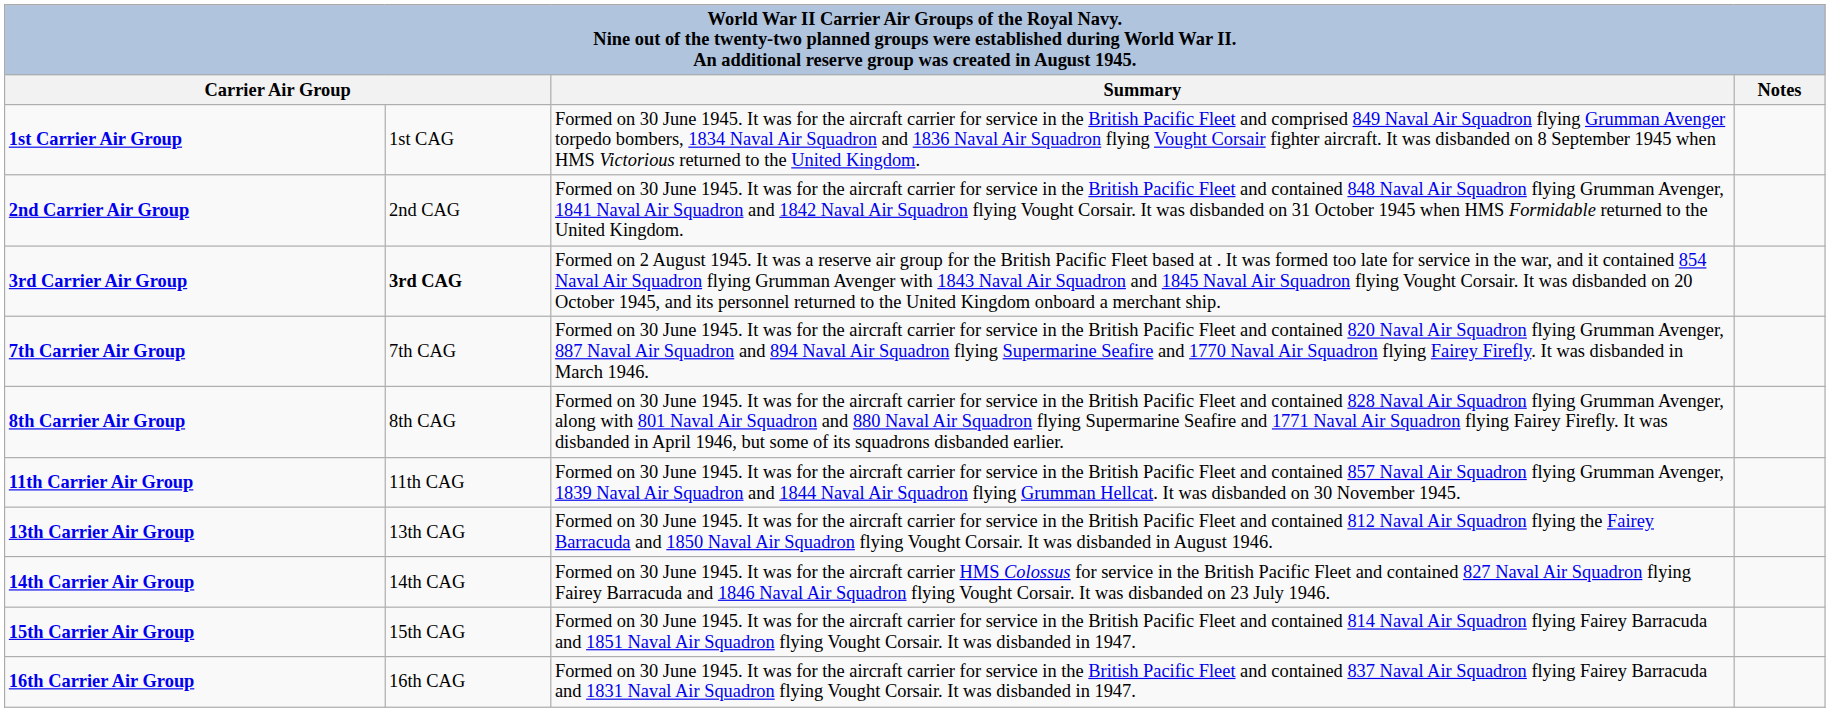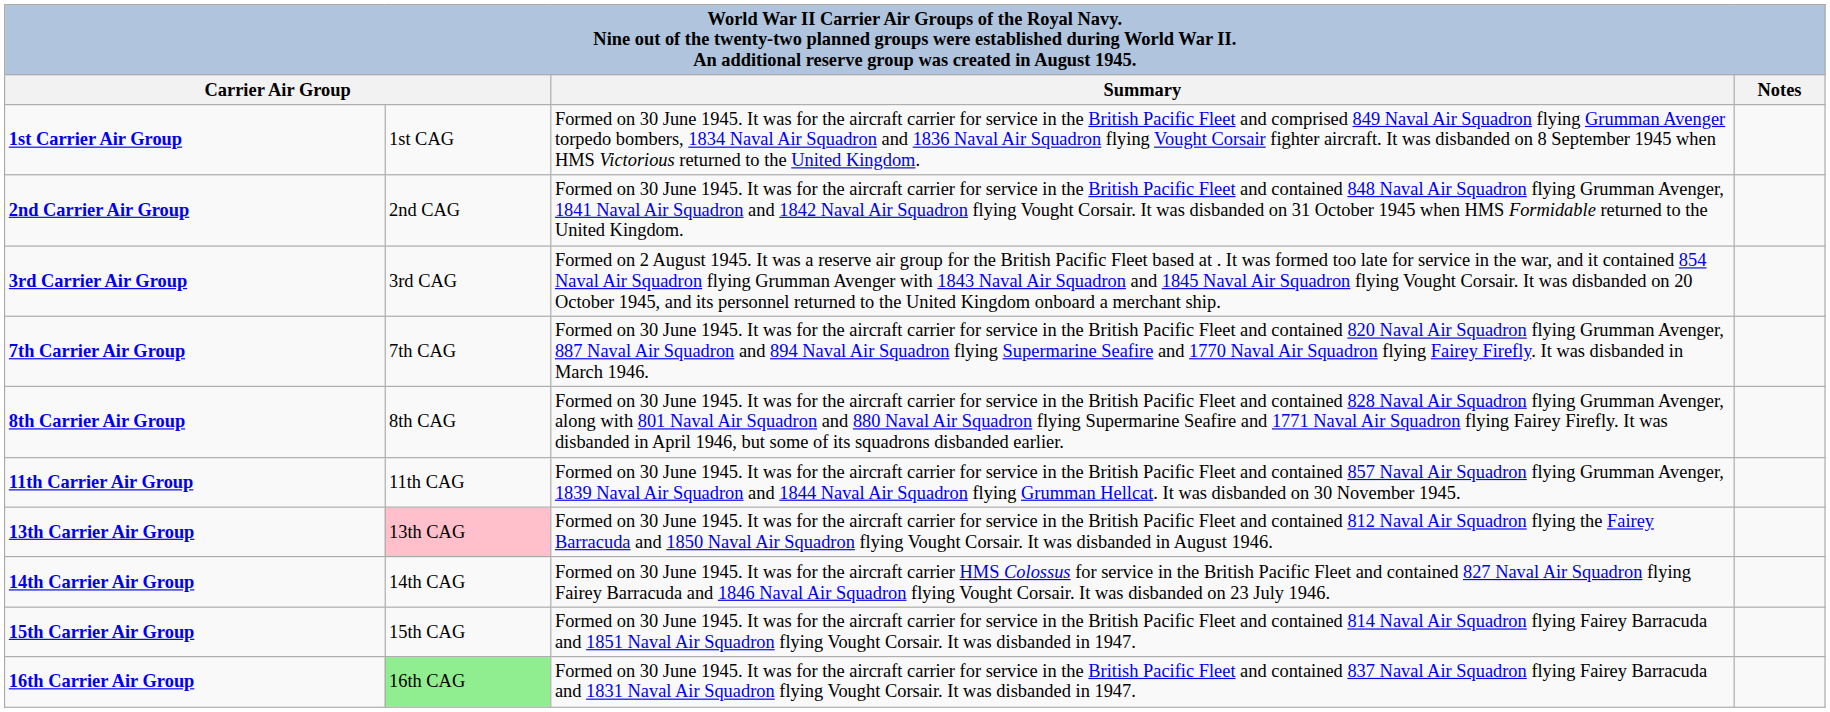 <table class="wikitable" style="margin:auto; width:100%;">
 <tr>
 <th style="align: center; background:#B0C4DE;" colspan=5>World War II Carrier Air Groups of the Royal Navy.<br> Nine out of the twenty-two planned groups were established during World War II.<br> An additional reserve group was created in August 1945.</th>
 </tr>
 <tr>
 <th style="text-align:center; width:30%;" colspan=2>Carrier Air Group</th>
 <th style="text-align:center; width:65%;">Summary</th>
 <th style="text-align:center; width:5%;">Notes</th>
 </tr>
 <tr>
 <td style="text-align:centre;"><strong><a href='#'>1st Carrier Air Group</a></strong></td>
 <td>1st CAG</td>
 <td align=left>Formed on 30 June 1945. It was for the aircraft carrier  for service in the <a href='#'>British Pacific Fleet</a> and comprised <a href='#'>849 Naval Air Squadron</a> flying <a href='#'>Grumman Avenger</a> torpedo bombers, <a href='#'>1834 Naval Air Squadron</a> and <a href='#'>1836 Naval Air Squadron</a> flying <a href='#'>Vought Corsair</a> fighter aircraft. It was disbanded on 8 September 1945 when HMS <em>Victorious</em> returned to the <a href='#'>United Kingdom</a>.</td>
 <td></td>
 </tr>
 <tr>
 <td style="text-align:centre;"><strong><a href='#'>2nd Carrier Air Group</a></strong></td>
 <td>2nd CAG</td>
 <td align=left>Formed on 30 June 1945. It was for the aircraft carrier  for service in the <a href='#'>British Pacific Fleet</a> and contained <a href='#'>848 Naval Air Squadron</a> flying Grumman Avenger, <a href='#'>1841 Naval Air Squadron</a> and <a href='#'>1842 Naval Air Squadron</a> flying Vought Corsair. It was disbanded on 31 October 1945 when HMS <em>Formidable</em> returned to the United Kingdom.</td>
 <td></td>
 </tr>
 <tr>
 <td style="text-align:centre;"><strong><a href='#'>3rd Carrier Air Group</a></strong></td>
-<td><strong>3rd CAG</strong></td>
+<td>3rd CAG</td>
 <td align=left>Formed on 2 August 1945. It was a reserve air group for the British Pacific Fleet based at . It was formed too late for service in the war, and it contained <a href='#'>854 Naval Air Squadron</a> flying Grumman Avenger with <a href='#'>1843 Naval Air Squadron</a> and <a href='#'>1845 Naval Air Squadron</a> flying Vought Corsair. It was disbanded on 20 October 1945, and its personnel returned to the United Kingdom onboard a merchant ship.</td>
 <td></td>
 </tr>
 <tr>
 <td style="text-align:centre;"><strong><a href='#'>7th Carrier Air Group</a></strong></td>
 <td>7th CAG</td>
 <td align=left>Formed on 30 June 1945. It was for the aircraft carrier  for service in the British Pacific Fleet and contained <a href='#'>820 Naval Air Squadron</a> flying Grumman Avenger, <a href='#'>887 Naval Air Squadron</a> and <a href='#'>894 Naval Air Squadron</a> flying <a href='#'>Supermarine Seafire</a> and <a href='#'>1770 Naval Air Squadron</a> flying <a href='#'>Fairey Firefly</a>. It was disbanded in March 1946.</td>
 <td></td>
 </tr>
 <tr>
 <td style="text-align:centre;"><strong><a href='#'>8th Carrier Air Group</a></strong></td>
 <td>8th CAG</td>
 <td align=left>Formed on 30 June 1945. It was for the aircraft carrier  for service in the British Pacific Fleet and contained <a href='#'>828 Naval Air Squadron</a> flying Grumman Avenger, along with <a href='#'>801 Naval Air Squadron</a> and <a href='#'>880 Naval Air Squadron</a> flying Supermarine Seafire and <a href='#'>1771 Naval Air Squadron</a> flying Fairey Firefly. It was disbanded in April 1946, but some of its squadrons disbanded earlier.</td>
 <td></td>
 </tr>
 <tr>
 <td style="text-align:centre;"><strong><a href='#'>11th Carrier Air Group</a></strong></td>
 <td>11th CAG</td>
 <td align=left>Formed on 30 June 1945. It was for the aircraft carrier  for service in the British Pacific Fleet and contained <a href='#'>857 Naval Air Squadron</a> flying Grumman Avenger, <a href='#'>1839 Naval Air Squadron</a> and <a href='#'>1844 Naval Air Squadron</a> flying <a href='#'>Grumman Hellcat</a>. It was disbanded on 30 November 1945.</td>
 <td></td>
 </tr>
 <tr>
 <td style="text-align:centre;"><strong><a href='#'>13th Carrier Air Group</a></strong></td>
-<td>13th CAG</td>
+<td style="background: pink;">13th CAG</td>
 <td align=left>Formed on 30 June 1945. It was for the aircraft carrier  for service in the British Pacific Fleet and contained <a href='#'>812 Naval Air Squadron</a> flying the <a href='#'>Fairey Barracuda</a> and <a href='#'>1850 Naval Air Squadron</a> flying Vought Corsair. It was disbanded in August 1946.</td>
 <td></td>
 </tr>
 <tr>
 <td style="text-align:centre;"><strong><a href='#'>14th Carrier Air Group</a></strong></td>
 <td>14th CAG</td>
 <td align=left>Formed on 30 June 1945. It was for the aircraft carrier <a href='#'>HMS <em>Colossus</em></a> for service in the British Pacific Fleet and contained <a href='#'>827 Naval Air Squadron</a> flying Fairey Barracuda and <a href='#'>1846 Naval Air Squadron</a> flying Vought Corsair. It was disbanded on 23 July 1946.</td>
 <td></td>
 </tr>
 <tr>
 <td style="text-align:centre;"><strong><a href='#'>15th Carrier Air Group</a></strong></td>
 <td>15th CAG</td>
 <td align=left>Formed on 30 June 1945. It was for the aircraft carrier  for service in the British Pacific Fleet and contained <a href='#'>814 Naval Air Squadron</a> flying Fairey Barracuda and <a href='#'>1851 Naval Air Squadron</a> flying Vought Corsair. It was disbanded in 1947.</td>
 <td></td>
 </tr>
 <tr>
 <td style="text-align:centre;"><strong><a href='#'>16th Carrier Air Group</a></strong></td>
-<td>16th CAG</td>
+<td style="background: lightgreen;">16th CAG</td>
 <td align=left>Formed on 30 June 1945. It was for the aircraft carrier  for service in the <a href='#'>British Pacific Fleet</a> and contained <a href='#'>837 Naval Air Squadron</a> flying Fairey Barracuda and <a href='#'>1831 Naval Air Squadron</a> flying Vought Corsair. It was disbanded in 1947.</td>
 <td></td>
 </tr>
 </table>
